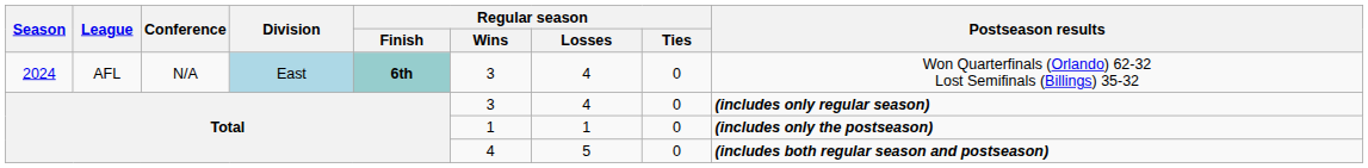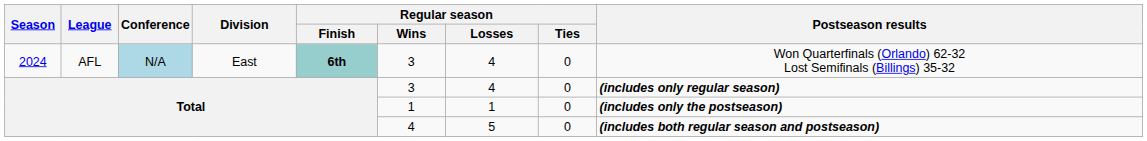 <table class="wikitable" style="font-size: 95%; width:70%;">
 <tr>
 <th rowspan="2" style="width:5%;"><a href='#'>Season</a></th>
 <th rowspan="2" style="width:5%;"><a href='#'>League</a></th>
 <th rowspan="2" style="width:5%;">Conference</th>
 <th rowspan="2">Division</th>
 <th colspan="4">Regular season</th>
 <th rowspan="2">Postseason results</th>
 </tr>
 <tr>
 <th>Finish</th>
 <th>Wins</th>
 <th>Losses</th>
 <th>Ties</th>
 </tr>
 <tr align="center">
 <td><a href='#'>2024</a></td>
 <td>AFL</td>
-<td>N/A</td>
-<td style="background: lightblue;">East</td>
+<td style="background: lightblue;">N/A</td>
+<td>East</td>
 <td bgcolor="#96CDCD"><strong>6th</strong></td>
 <td>3</td>
 <td>4</td>
 <td>0</td>
 <td>Won Quarterfinals (<a href='#'>Orlando</a>) 62-32<br> Lost Semifinals (<a href='#'>Billings</a>) 35-32</td>
 </tr>
 <tr>
 <th align="center" rowSpan="3" colSpan="5">Total</th>
 <td align="center">3</td>
 <td align="center">4</td>
 <td align="center">0</td>
 <td colSpan="1"><strong><em>(includes only regular season)</em></strong></td>
 </tr>
 <tr>
 <td align="center">1</td>
 <td align="center">1</td>
 <td align="center">0</td>
 <td colSpan="1"><strong><em>(includes only the postseason)</em></strong></td>
 </tr>
 <tr>
 <td align="center">4</td>
 <td align="center">5</td>
 <td align="center">0</td>
 <td colSpan="1"><strong><em>(includes both regular season and postseason)</em></strong></td>
 </tr>
 </table>
